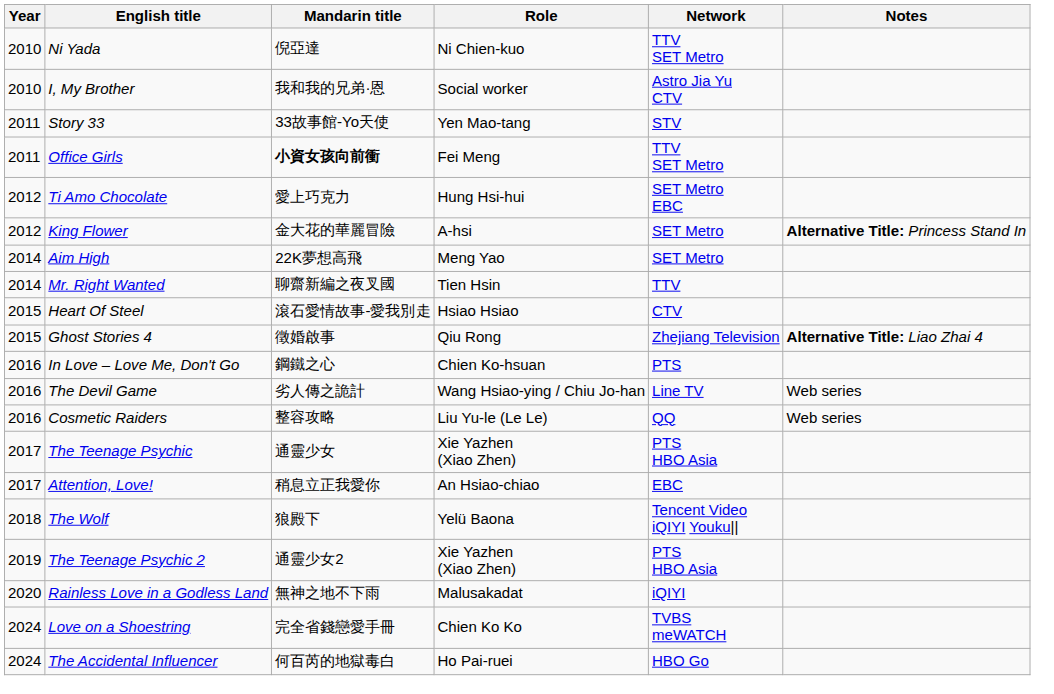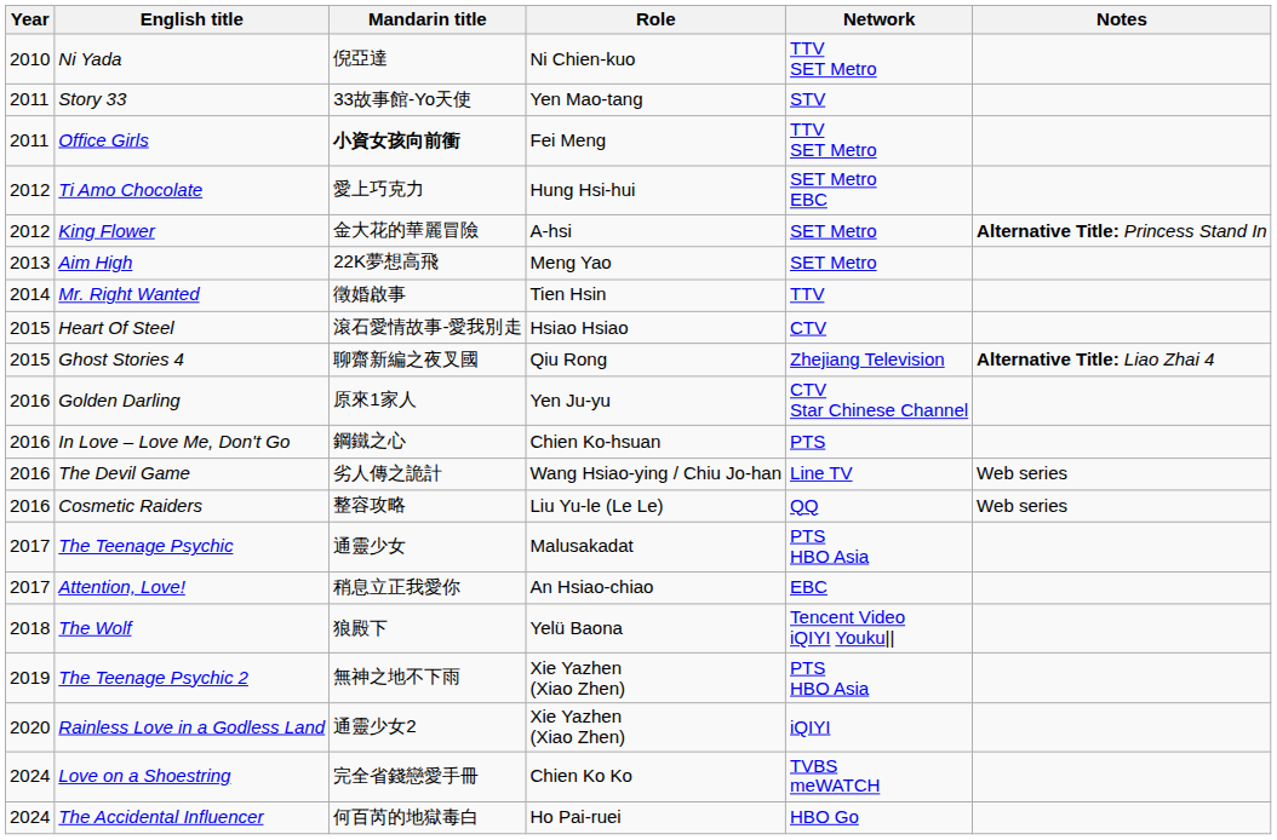 <table class="wikitable sortable">
 <tr>
 <th>Year</th>
 <th>English title</th>
 <th>Mandarin title</th>
 <th>Role</th>
 <th>Network</th>
 <th class="unsortable">Notes</th>
 </tr>
 <tr>
 <td>2010</td>
 <td><em>Ni Yada</em></td>
 <td>倪亞達</td>
 <td>Ni Chien-kuo</td>
 <td><a href='#'>TTV</a><br><a href='#'>SET Metro</a></td>
-<td></td>
-</tr>
-<tr>
-<td>2010</td>
-<td><em>I, My Brother</em></td>
-<td>我和我的兄弟·恩</td>
-<td>Social worker</td>
-<td><a href='#'>Astro Jia Yu</a><br><a href='#'>CTV</a></td>
 <td></td>
 </tr>
 <tr>
 <td>2011</td>
 <td><em>Story 33</em></td>
 <td>33故事館-Yo天使</td>
 <td>Yen Mao-tang</td>
 <td><a href='#'>STV</a></td>
 <td></td>
 </tr>
 <tr>
 <td>2011</td>
 <td><em><a href='#'>Office Girls</a></em></td>
 <td><strong>小資女孩向前衝</strong></td>
 <td>Fei Meng</td>
 <td><a href='#'>TTV</a><br><a href='#'>SET Metro</a></td>
 <td></td>
 </tr>
 <tr>
 <td>2012</td>
 <td><em><a href='#'>Ti Amo Chocolate</a></em></td>
 <td>愛上巧克力</td>
 <td>Hung Hsi-hui</td>
 <td><a href='#'>SET Metro</a><br><a href='#'>EBC</a></td>
 <td></td>
 </tr>
 <tr>
 <td>2012</td>
 <td><em><a href='#'>King Flower</a></em></td>
 <td>金大花的華麗冒險</td>
 <td>A-hsi</td>
 <td><a href='#'>SET Metro</a></td>
 <td><strong>Alternative Title:</strong> <em>Princess Stand In</em></td>
 </tr>
 <tr>
-<td>2014</td>
+<td>2013</td>
 <td><em><a href='#'>Aim High</a></em></td>
 <td>22K夢想高飛</td>
 <td>Meng Yao</td>
 <td><a href='#'>SET Metro</a></td>
 <td></td>
 </tr>
 <tr>
 <td>2014</td>
 <td><em><a href='#'>Mr. Right Wanted</a></em></td>
-<td>聊齋新編之夜叉國</td>
+<td>徵婚啟事</td>
 <td>Tien Hsin</td>
 <td><a href='#'>TTV</a></td>
 <td></td>
 </tr>
 <tr>
 <td>2015</td>
 <td><em>Heart Of Steel</em></td>
 <td>滾石愛情故事-愛我別走</td>
 <td>Hsiao Hsiao</td>
 <td><a href='#'>CTV</a></td>
 <td></td>
 </tr>
 <tr>
 <td>2015</td>
 <td><em>Ghost Stories 4</em></td>
-<td>徵婚啟事</td>
+<td>聊齋新編之夜叉國</td>
 <td>Qiu Rong</td>
 <td><a href='#'>Zhejiang Television</a></td>
 <td><strong>Alternative Title:</strong> <em>Liao Zhai 4</em></td>
+</tr>
+<tr>
+<td>2016</td>
+<td><em>Golden Darling</em></td>
+<td>原來1家人</td>
+<td>Yen Ju-yu</td>
+<td><a href='#'>CTV</a><br><a href='#'>Star Chinese Channel</a></td>
+<td></td>
 </tr>
 <tr>
 <td>2016</td>
 <td><em>In Love – Love Me, Don't Go</em></td>
 <td>鋼鐵之心</td>
 <td>Chien Ko-hsuan</td>
 <td><a href='#'>PTS</a></td>
 <td></td>
 </tr>
 <tr>
 <td>2016</td>
 <td><em>The Devil Game</em></td>
 <td>劣人傳之詭計</td>
 <td>Wang Hsiao-ying / Chiu Jo-han</td>
 <td><a href='#'>Line TV</a></td>
 <td>Web series</td>
 </tr>
 <tr>
 <td>2016</td>
 <td><em>Cosmetic Raiders</em></td>
 <td>整容攻略</td>
 <td>Liu Yu-le (Le Le)</td>
 <td><a href='#'>QQ</a></td>
 <td>Web series</td>
 </tr>
 <tr>
 <td>2017</td>
 <td><em><a href='#'>The Teenage Psychic</a></em></td>
 <td>通靈少女</td>
-<td>Xie Yazhen<br>(Xiao Zhen)</td>
+<td>Malusakadat</td>
 <td><a href='#'>PTS</a><br><a href='#'>HBO Asia</a></td>
 <td></td>
 </tr>
 <tr>
 <td>2017</td>
 <td><em><a href='#'>Attention, Love!</a></em></td>
 <td>稍息立正我愛你</td>
 <td>An Hsiao-chiao</td>
 <td><a href='#'>EBC</a></td>
 <td></td>
 </tr>
 <tr>
 <td>2018</td>
 <td><em><a href='#'>The Wolf</a></em></td>
 <td>狼殿下</td>
 <td>Yelü Baona</td>
 <td><a href='#'>Tencent Video</a><br><a href='#'>iQIYI</a> <a href='#'>Youku</a>||</td>
 </tr>
 <tr>
 <td>2019</td>
 <td><em><a href='#'>The Teenage Psychic 2</a></em></td>
-<td>通靈少女2</td>
+<td>無神之地不下雨</td>
 <td>Xie Yazhen<br>(Xiao Zhen)</td>
 <td><a href='#'>PTS</a><br><a href='#'>HBO Asia</a></td>
 <td></td>
 </tr>
 <tr>
 <td>2020</td>
 <td><em><a href='#'>Rainless Love in a Godless Land</a></em></td>
-<td>無神之地不下雨</td>
-<td>Malusakadat</td>
+<td>通靈少女2</td>
+<td>Xie Yazhen<br>(Xiao Zhen)</td>
 <td><a href='#'>iQIYI</a></td>
 <td></td>
 </tr>
 <tr>
 <td>2024</td>
 <td><em><a href='#'>Love on a Shoestring</a></em></td>
 <td>完全省錢戀愛手冊</td>
 <td>Chien Ko Ko</td>
 <td><a href='#'>TVBS</a><br><a href='#'>meWATCH</a></td>
 <td></td>
 </tr>
 <tr>
 <td>2024</td>
 <td><em><a href='#'>The Accidental Influencer</a></em></td>
 <td>何百芮的地獄毒白</td>
 <td>Ho Pai-ruei</td>
 <td><a href='#'>HBO Go</a></td>
 <td></td>
 </tr>
 </table>
